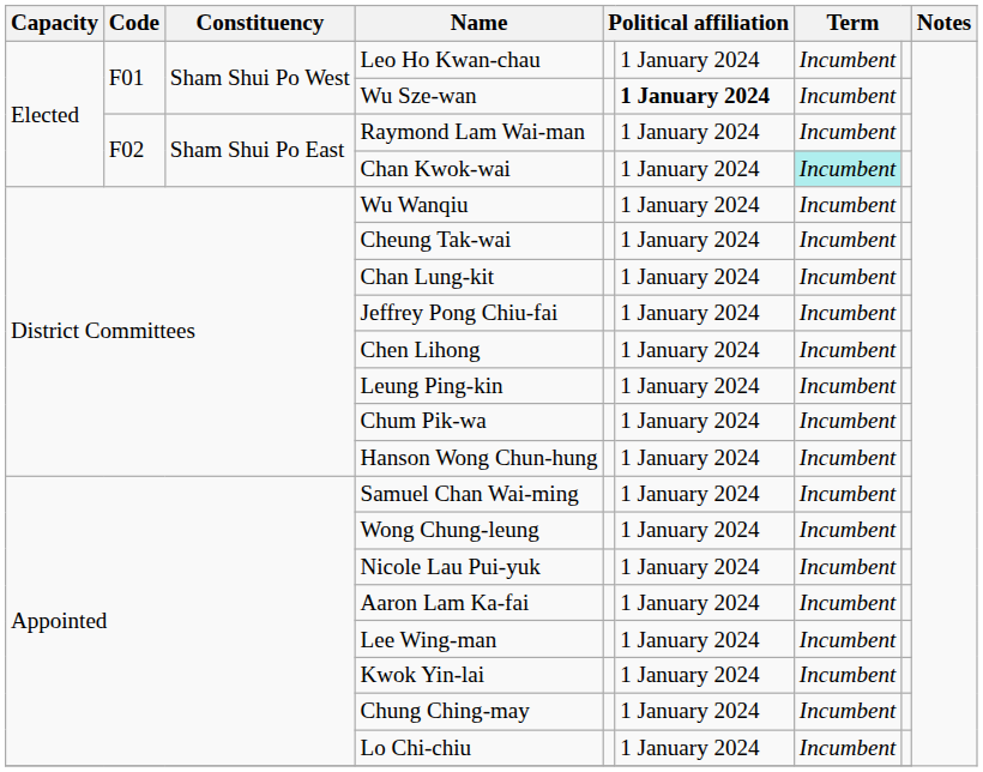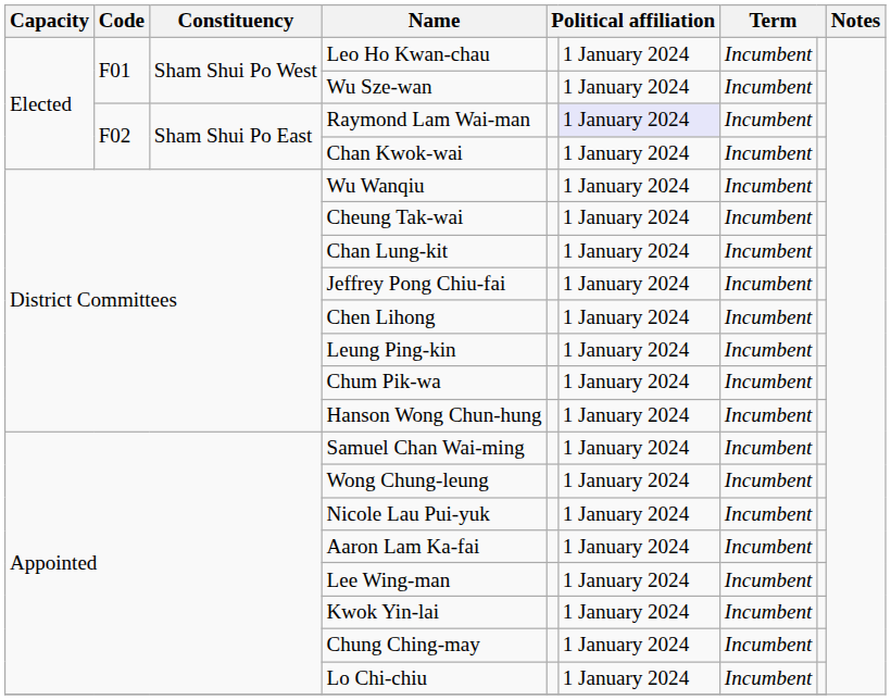 <table class="wikitable sortable" border="1">
 <tr>
 <th>Capacity</th>
 <th>Code</th>
 <th>Constituency</th>
 <th>Name</th>
 <th colspan="2">Political affiliation</th>
 <th colspan="2">Term</th>
 <th class="unsortable">Notes</th>
 </tr>
 <tr>
 <td rowspan="4">Elected</td>
 <td rowspan="2">F01</td>
 <td rowspan="2">Sham Shui Po West</td>
 <td>Leo Ho Kwan-chau</td>
 <td></td>
 <td>1 January 2024</td>
 <td><em>Incumbent</em></td>
 <td></td>
 </tr>
 <tr>
 <td>Wu Sze-wan</td>
 <td></td>
-<td><strong>1 January 2024</strong></td>
+<td>1 January 2024</td>
 <td><em>Incumbent</em></td>
 <td></td>
 </tr>
 <tr>
 <td rowspan="2">F02</td>
 <td rowspan="2">Sham Shui Po East</td>
 <td>Raymond Lam Wai-man</td>
 <td></td>
-<td>1 January 2024</td>
+<td style="background: lavender;">1 January 2024</td>
 <td><em>Incumbent</em></td>
 <td></td>
 </tr>
 <tr>
 <td>Chan Kwok-wai</td>
 <td></td>
 <td>1 January 2024</td>
-<td style="background: paleturquoise;"><em>Incumbent</em></td>
+<td><em>Incumbent</em></td>
 <td></td>
 </tr>
 <tr>
 <td colspan="3" rowspan="8">District Committees</td>
 <td>Wu Wanqiu</td>
 <td></td>
 <td>1 January 2024</td>
 <td><em>Incumbent</em></td>
 <td></td>
 </tr>
 <tr>
 <td>Cheung Tak-wai</td>
 <td></td>
 <td>1 January 2024</td>
 <td><em>Incumbent</em></td>
 <td></td>
 </tr>
 <tr>
 <td>Chan Lung-kit</td>
 <td></td>
 <td>1 January 2024</td>
 <td><em>Incumbent</em></td>
 <td></td>
 </tr>
 <tr>
 <td>Jeffrey Pong Chiu-fai</td>
 <td></td>
 <td>1 January 2024</td>
 <td><em>Incumbent</em></td>
 <td></td>
 </tr>
 <tr>
 <td>Chen Lihong</td>
 <td></td>
 <td>1 January 2024</td>
 <td><em>Incumbent</em></td>
 <td></td>
 </tr>
 <tr>
 <td>Leung Ping-kin</td>
 <td></td>
 <td>1 January 2024</td>
 <td><em>Incumbent</em></td>
 <td></td>
 </tr>
 <tr>
 <td>Chum Pik-wa</td>
 <td></td>
 <td>1 January 2024</td>
 <td><em>Incumbent</em></td>
 <td></td>
 </tr>
 <tr>
 <td>Hanson Wong Chun-hung</td>
 <td></td>
 <td>1 January 2024</td>
 <td><em>Incumbent</em></td>
 <td></td>
 </tr>
 <tr>
 <td colspan="3" rowspan="8">Appointed</td>
 <td>Samuel Chan Wai-ming</td>
 <td></td>
 <td>1 January 2024</td>
 <td><em>Incumbent</em></td>
 <td></td>
 </tr>
 <tr>
 <td>Wong Chung-leung</td>
 <td></td>
 <td>1 January 2024</td>
 <td><em>Incumbent</em></td>
 <td></td>
 </tr>
 <tr>
 <td>Nicole Lau Pui-yuk</td>
 <td></td>
 <td>1 January 2024</td>
 <td><em>Incumbent</em></td>
 <td></td>
 </tr>
 <tr>
 <td>Aaron Lam Ka-fai</td>
 <td></td>
 <td>1 January 2024</td>
 <td><em>Incumbent</em></td>
 <td></td>
 </tr>
 <tr>
 <td>Lee Wing-man</td>
 <td></td>
 <td>1 January 2024</td>
 <td><em>Incumbent</em></td>
 <td></td>
 </tr>
 <tr>
 <td>Kwok Yin-lai</td>
 <td></td>
 <td>1 January 2024</td>
 <td><em>Incumbent</em></td>
 <td></td>
 </tr>
 <tr>
 <td>Chung Ching-may</td>
 <td></td>
 <td>1 January 2024</td>
 <td><em>Incumbent</em></td>
 <td></td>
 </tr>
 <tr>
 <td>Lo Chi-chiu</td>
 <td></td>
 <td>1 January 2024</td>
 <td><em>Incumbent</em></td>
 <td></td>
 </tr>
 <tr>
 </tr>
 </table>
